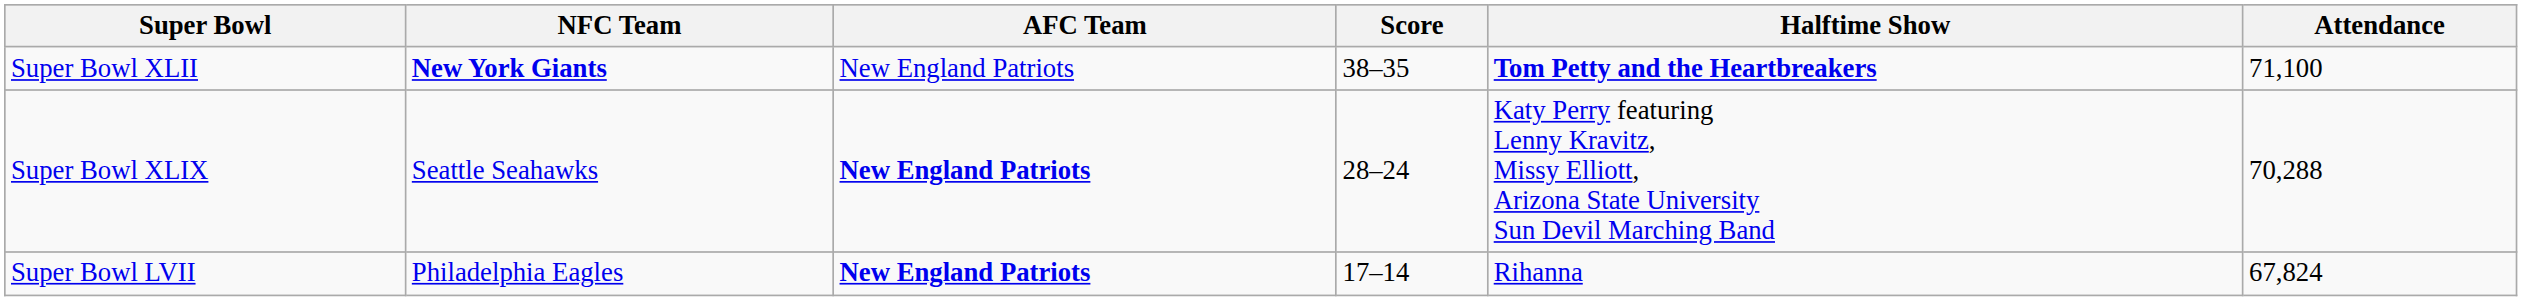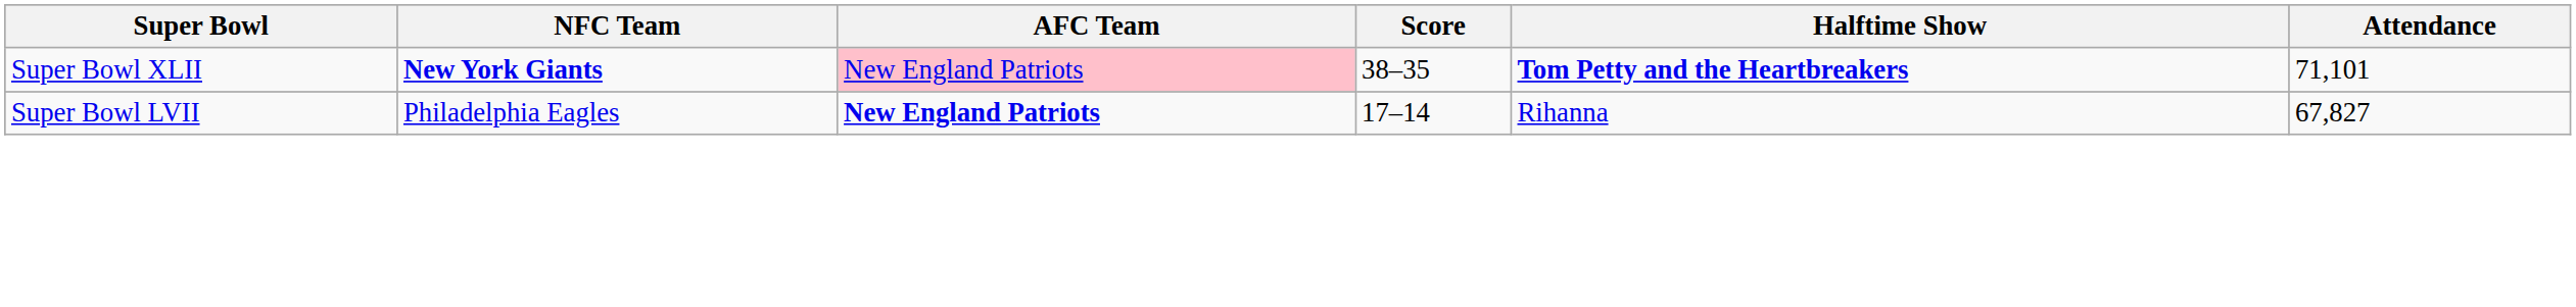 <table class="wikitable" style="text-align:left; width:95%;" style="text-align:center">
 <tr>
 <th style="text-align:center; ">Super Bowl</th>
 <th style="text-align:center; ">NFC Team</th>
 <th style="text-align:center; ">AFC Team</th>
 <th style="text-align:center; ">Score</th>
 <th style="text-align:center; ">Halftime Show</th>
 <th style="text-align:center; ">Attendance</th>
 </tr>
 <tr>
 <td><a href='#'>Super Bowl XLII</a></td>
 <td><strong><a href='#'>New York Giants</a></strong></td>
-<td><a href='#'>New England Patriots</a></td>
+<td style="background: pink;"><a href='#'>New England Patriots</a></td>
 <td>38–35</td>
 <td><strong><a href='#'>Tom Petty and the Heartbreakers</a></strong></td>
-<td>71,100</td>
-</tr>
-<tr>
-<td><a href='#'>Super Bowl XLIX</a></td>
-<td><a href='#'>Seattle Seahawks</a></td>
-<td><strong><a href='#'>New England Patriots</a></strong></td>
-<td>28–24</td>
-<td><a href='#'>Katy Perry</a> featuring<br> <a href='#'>Lenny Kravitz</a>,<br> <a href='#'>Missy Elliott</a>,<br> <a href='#'>Arizona State University<br> Sun Devil Marching Band</a></td>
-<td>70,288</td>
+<td>71,101</td>
 </tr>
 <tr>
 <td><a href='#'>Super Bowl LVII</a></td>
 <td><a href='#'>Philadelphia Eagles</a></td>
 <td><strong><a href='#'>New England Patriots</a></strong></td>
 <td>17–14</td>
 <td><a href='#'>Rihanna</a></td>
-<td>67,824</td>
+<td>67,827</td>
 </tr>
 </table>
